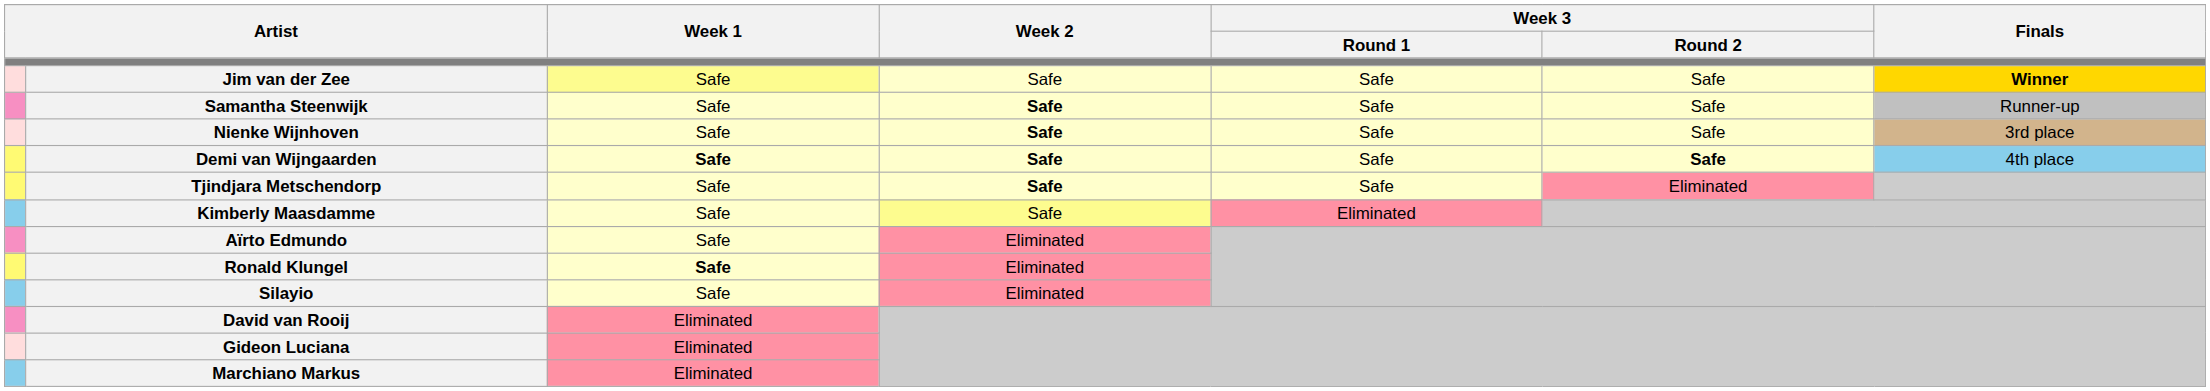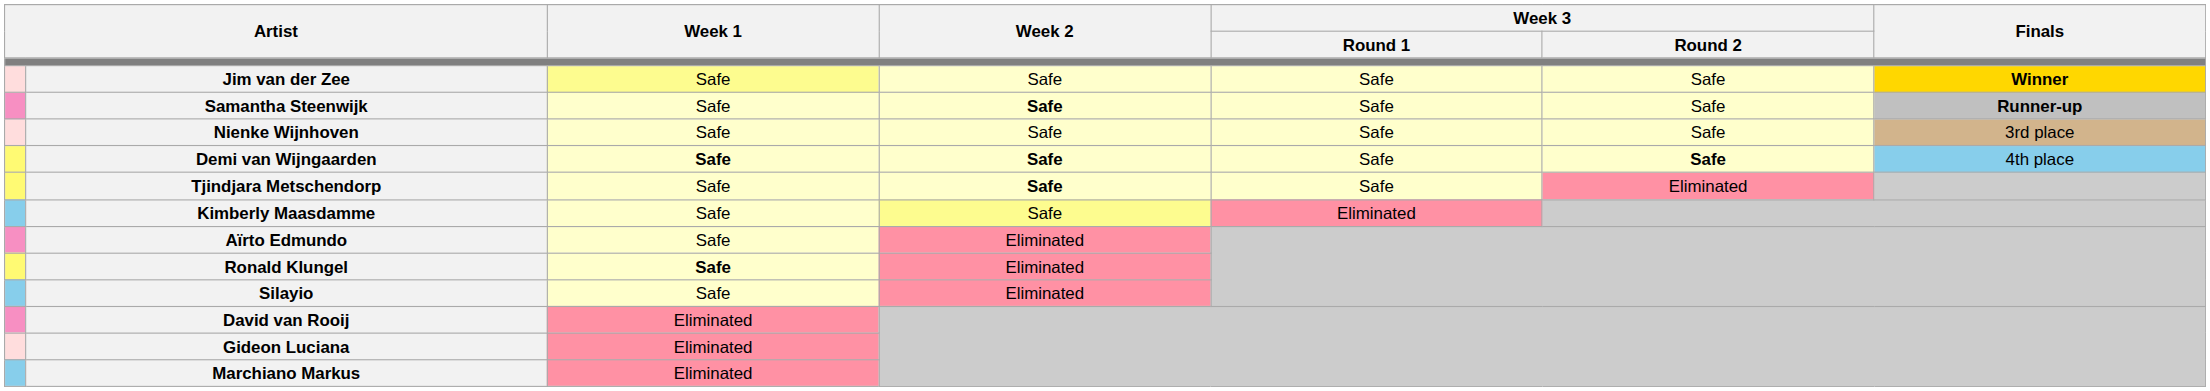 <table class="wikitable"  style="text-align:center; font-size:95%; width:100%;">
 <tr>
 </tr>
 <tr>
 <th style="width:18%"  rowspan="2" colspan="2" scope="col">Artist</th>
 <th style="width:11%"  rowspan="2" colspan="1" scope="col">Week 1</th>
 <th style="width:11%"  rowspan="2" colspan="1" scope="col">Week 2</th>
 <th style="width:22%" colspan="2" scope="col">Week 3</th>
 <th style="width:11%"  rowspan="2" colspan="1" scope="col">Finals</th>
 </tr>
 <tr>
 <th style="width:11%">Round 1</th>
 <th style="width:11%">Round 2</th>
 </tr>
 <tr>
 <th colspan="10" style="background:grey;"></th>
 </tr>
 <tr>
 <th style="background:#ffdddd;"></th>
 <th>Jim van der Zee</th>
 <td style="background:#fdfc8f">Safe</td>
 <td style="background:#ffffcc">Safe</td>
 <td style="background:#FFFFCC">Safe</td>
 <td style="background:#ffffcc">Safe</td>
 <td style="background:gold;"><strong>Winner</strong></td>
 </tr>
 <tr>
 <th style="background:#F78FC2;"></th>
 <th>Samantha Steenwijk</th>
 <td style="background:#FFFFCC">Safe</td>
 <td style="background:#FFFFCC"><strong>Safe</strong></td>
 <td style="background:#ffffcc">Safe</td>
 <td style="background:#FFFFCC">Safe</td>
-<td style="background:silver;">Runner-up</td>
+<td style="background:silver;"><strong>Runner-up</strong></td>
 </tr>
 <tr>
 <th style="background:#ffdddd;"></th>
 <th>Nienke Wijnhoven</th>
 <td style="background:#FFFFCC">Safe</td>
-<td style="background:#FFFFCC"><strong>Safe</strong></td>
+<td style="background:#FFFFCC">Safe</td>
 <td style="background:#FFFFCC">Safe</td>
 <td style="background:#FFFFCC">Safe</td>
 <td style="background:tan;">3rd place</td>
 </tr>
 <tr>
 <th style="background:#fffa73;"></th>
 <th>Demi van Wijngaarden</th>
 <td style="background:#FFFFCC"><strong>Safe</strong></td>
 <td style="background:#FFFFCC"><strong>Safe</strong></td>
 <td style="background:#FFFFCC">Safe</td>
 <td style="background:#FFFFCC"><strong>Safe</strong></td>
 <td style="background:skyblue;">4th place</td>
 </tr>
 <tr>
 <th style="background:#fffa73;"></th>
 <th>Tjindjara Metschendorp</th>
 <td style="background:#FFFFCC">Safe</td>
 <td style="background:#FFFFCC"><strong>Safe</strong></td>
 <td style="background:#FFFFCC">Safe</td>
 <td style="background:#FF91A4;">Eliminated</td>
 <td colspan="1" rowspan="1" style="background:#ccc;"></td>
 </tr>
 <tr>
 <th style="background:#87ceeb;"></th>
 <th>Kimberly Maasdamme</th>
 <td style="background:#FFFFCC">Safe</td>
 <td style="background:#fdfc8f">Safe</td>
 <td style="background:#FF91A4;">Eliminated</td>
 <td colspan="2" rowspan="1" style="background:#ccc;"></td>
 </tr>
 <tr>
 <th style="background:#F78FC2;"></th>
 <th>Aïrto Edmundo</th>
 <td style="background:#FFFFCC">Safe</td>
 <td style="background:#FF91A4;">Eliminated</td>
 <td rowspan="3" colspan="4" style="background:#ccc;"></td>
 </tr>
 <tr>
 <th style="background:#fffa73;"></th>
 <th>Ronald Klungel</th>
 <td style="background:#FFFFCC"><strong>Safe</strong></td>
 <td style="background:#FF91A4;">Eliminated</td>
 </tr>
 <tr>
 <th style="background:#87ceeb;"></th>
 <th>Silayio</th>
 <td style="background:#FFFFCC">Safe</td>
 <td style="background:#FF91A4;">Eliminated</td>
 </tr>
 <tr>
 <th style="background:#F78FC2;"></th>
 <th>David van Rooij</th>
 <td style="background:#FF91A4;">Eliminated</td>
 <td rowspan="3" colspan="4" style="background:#ccc;"></td>
 </tr>
 <tr>
 <th style="background:#ffdddd;"></th>
 <th>Gideon Luciana</th>
 <td style="background:#FF91A4;">Eliminated</td>
 </tr>
 <tr>
 <th style="background:#87ceeb;"></th>
 <th>Marchiano Markus</th>
 <td style="background:#FF91A4;">Eliminated</td>
 </tr>
 </table>
